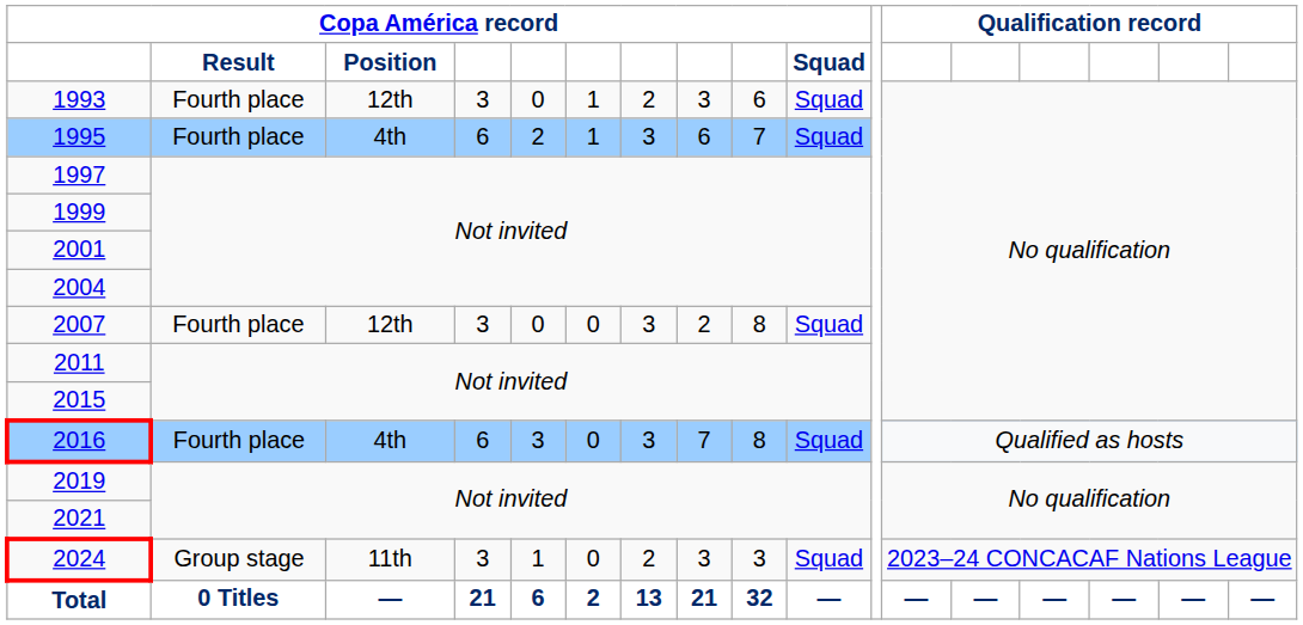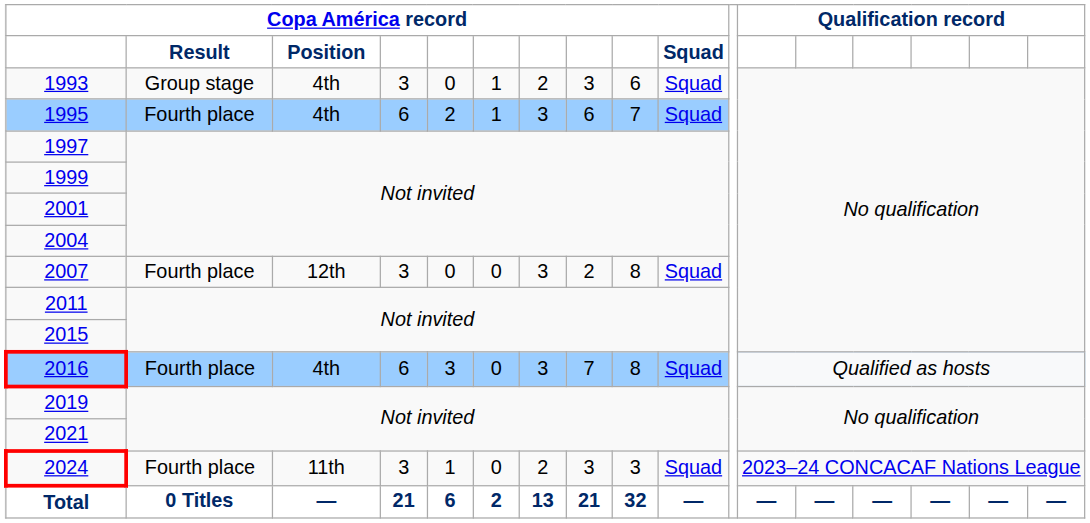 <table class="wikitable" style="text-align: center;">
 <tr>
 <th colspan="10" style="color:#002868; background:white;"><a href='#'>Copa América</a> record</th>
 <th rowspan="16" style="color:#002868; background:white;"></th>
 <th colspan="6" style="color:#002868; background:white;">Qualification record</th>
 </tr>
 <tr>
 <th style="color:#002868; background:white;width:90px;"></th>
 <th style="color:#002868; background:white;width:110px;">Result</th>
 <th style="color:#002868; background:white;width:80px;">Position</th>
 <th style="color:#002868; background:white;width:30px;"></th>
 <th style="color:#002868; background:white;width:30px;"></th>
 <th style="color:#002868; background:white;width:30px;"></th>
 <th style="color:#002868; background:white;width:30px;"></th>
 <th style="color:#002868; background:white;width:30px;"></th>
 <th style="color:#002868; background:white;width:30px;"></th>
 <th style="color:#002868; background:white;">Squad</th>
 <th style="color:#002868; background:white;"></th>
 <th style="color:#002868; background:white;"></th>
 <th style="color:#002868; background:white;"></th>
 <th style="color:#002868; background:white;"></th>
 <th style="color:#002868; background:white;"></th>
 <th style="color:#002868; background:white;"></th>
 </tr>
 <tr>
 <td> <a href='#'>1993</a></td>
-<td>Fourth place</td>
-<td>12th</td>
+<td>Group stage</td>
+<td>4th</td>
 <td>3</td>
 <td>0</td>
 <td>1</td>
 <td>2</td>
 <td>3</td>
 <td>6</td>
 <td><a href='#'>Squad</a></td>
 <td colspan="6" rowspan="9"><em>No qualification</em></td>
 </tr>
 <tr style="background:#9acdff;">
 <td> <a href='#'>1995</a></td>
 <td>Fourth place</td>
 <td>4th</td>
 <td>6</td>
 <td>2</td>
 <td>1</td>
 <td>3</td>
 <td>6</td>
 <td>7</td>
 <td><a href='#'>Squad</a></td>
 </tr>
 <tr>
 <td> <a href='#'>1997</a></td>
 <td colspan="9" rowspan="4"><em>Not invited</em></td>
 </tr>
 <tr>
 <td> <a href='#'>1999</a></td>
 </tr>
 <tr>
 <td> <a href='#'>2001</a></td>
 </tr>
 <tr>
 <td> <a href='#'>2004</a></td>
 </tr>
 <tr>
 <td> <a href='#'>2007</a></td>
 <td>Fourth place</td>
 <td>12th</td>
 <td>3</td>
 <td>0</td>
 <td>0</td>
 <td>3</td>
 <td>2</td>
 <td>8</td>
 <td><a href='#'>Squad</a></td>
 </tr>
 <tr>
 <td> <a href='#'>2011</a></td>
 <td colspan="9" rowspan="2"><em>Not invited</em></td>
 </tr>
 <tr>
 <td> <a href='#'>2015</a></td>
 </tr>
 <tr style="background:#9acdff;">
 <td style="border: 3px solid red"> <a href='#'>2016</a></td>
 <td>Fourth place</td>
 <td>4th</td>
 <td>6</td>
 <td>3</td>
 <td>0</td>
 <td>3</td>
 <td>7</td>
 <td>8</td>
 <td><a href='#'>Squad</a></td>
 <td colspan="6" bgcolor="#f8f9fa"><em>Qualified as hosts</em></td>
 </tr>
 <tr>
 <td> <a href='#'>2019</a></td>
 <td colspan="9" rowspan="2"><em>Not invited</em></td>
 <td colspan="6" rowspan="2"><em>No qualification</em></td>
 </tr>
 <tr>
 <td> <a href='#'>2021</a></td>
 </tr>
 <tr>
 <td style="border: 3px solid red"> <a href='#'>2024</a></td>
-<td>Group stage</td>
+<td>Fourth place</td>
 <td>11th</td>
 <td>3</td>
 <td>1</td>
 <td>0</td>
 <td>2</td>
 <td>3</td>
 <td>3</td>
 <td><a href='#'>Squad</a></td>
 <td colspan="6"><a href='#'>2023–24 CONCACAF Nations League</a></td>
 </tr>
 <tr>
 <th style="color:#002868; background:white;">Total</th>
 <th style="color:#002868; background:white;">0 Titles</th>
 <th style="color:#002868; background:white;"><strong>—</strong></th>
 <th style="color:#002868; background:white;">21</th>
 <th style="color:#002868; background:white;">6</th>
 <th style="color:#002868; background:white;">2</th>
 <th style="color:#002868; background:white;">13</th>
 <th style="color:#002868; background:white;">21</th>
 <th style="color:#002868; background:white;">32</th>
 <th style="color:#002868; background:white;"><strong>—</strong></th>
 <th style="color:#002868; background:white;"><strong>—</strong></th>
 <th style="color:#002868; background:white;"><strong>—</strong></th>
 <th style="color:#002868; background:white;"><strong>—</strong></th>
 <th style="color:#002868; background:white;"><strong>—</strong></th>
 <th style="color:#002868; background:white;"><strong>—</strong></th>
 <th style="color:#002868; background:white;"><strong>—</strong></th>
 </tr>
 </table>
